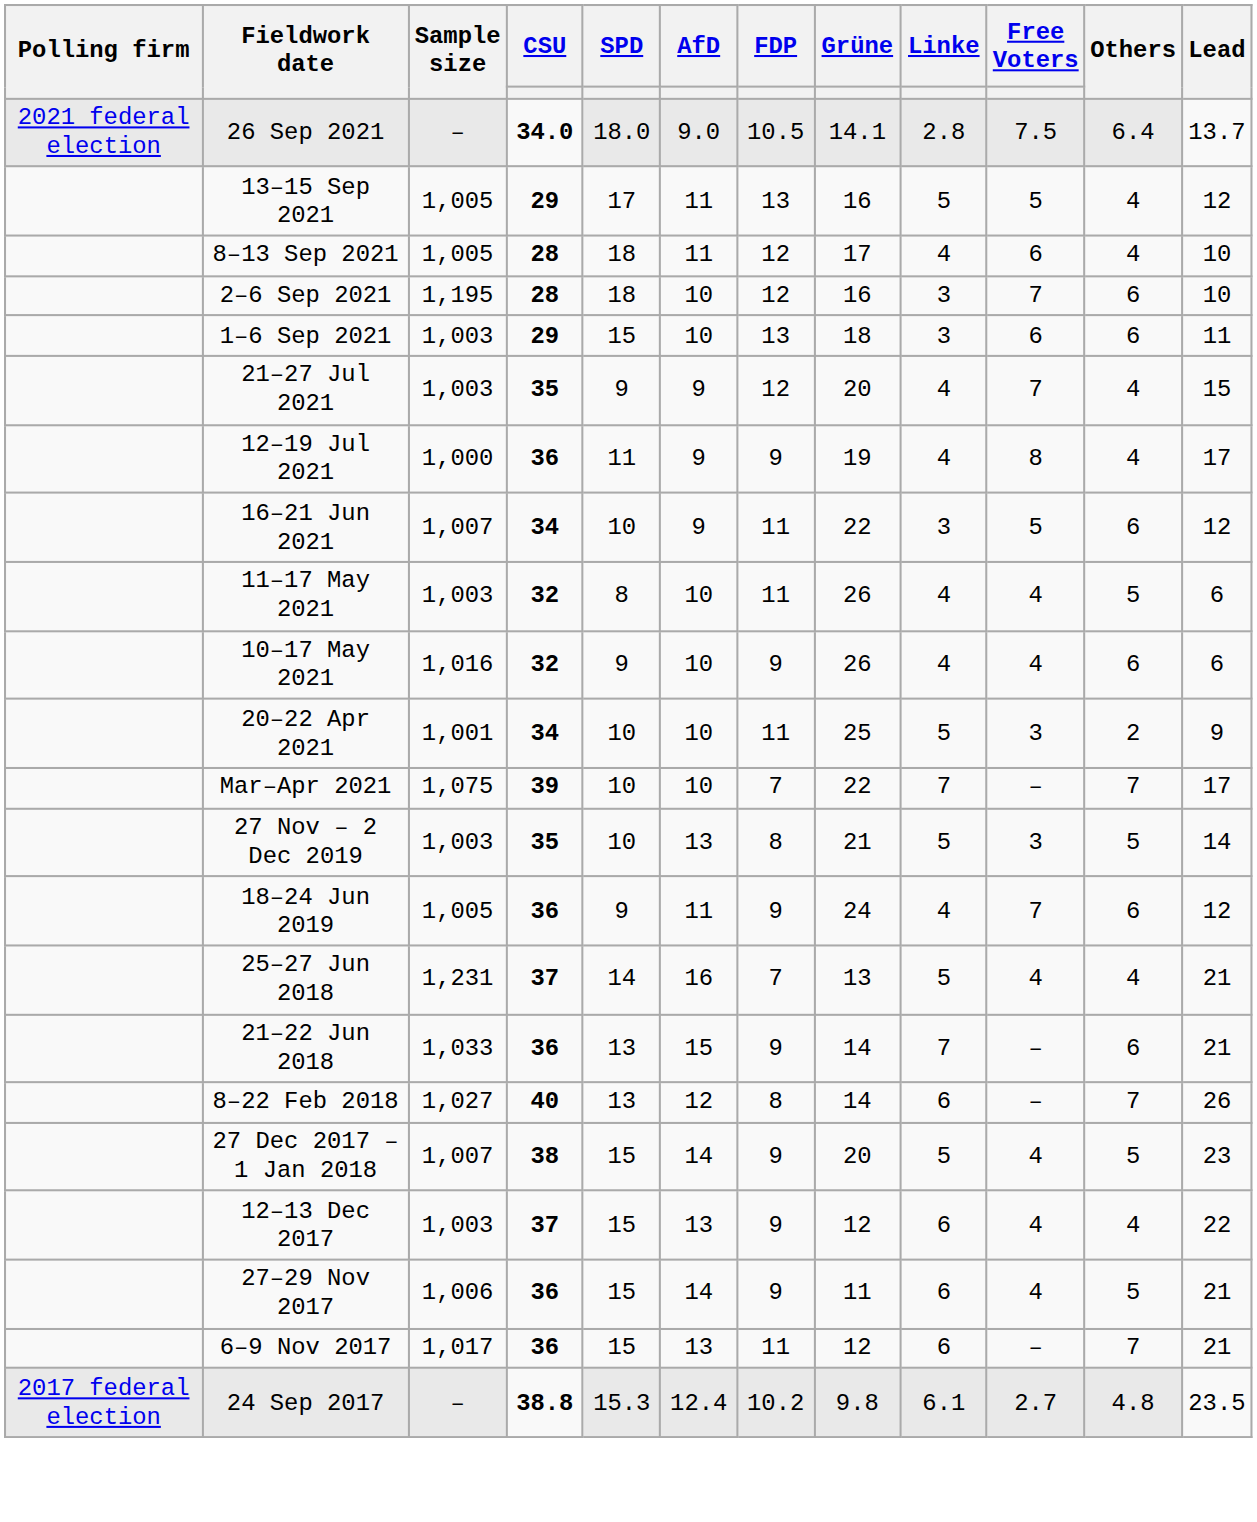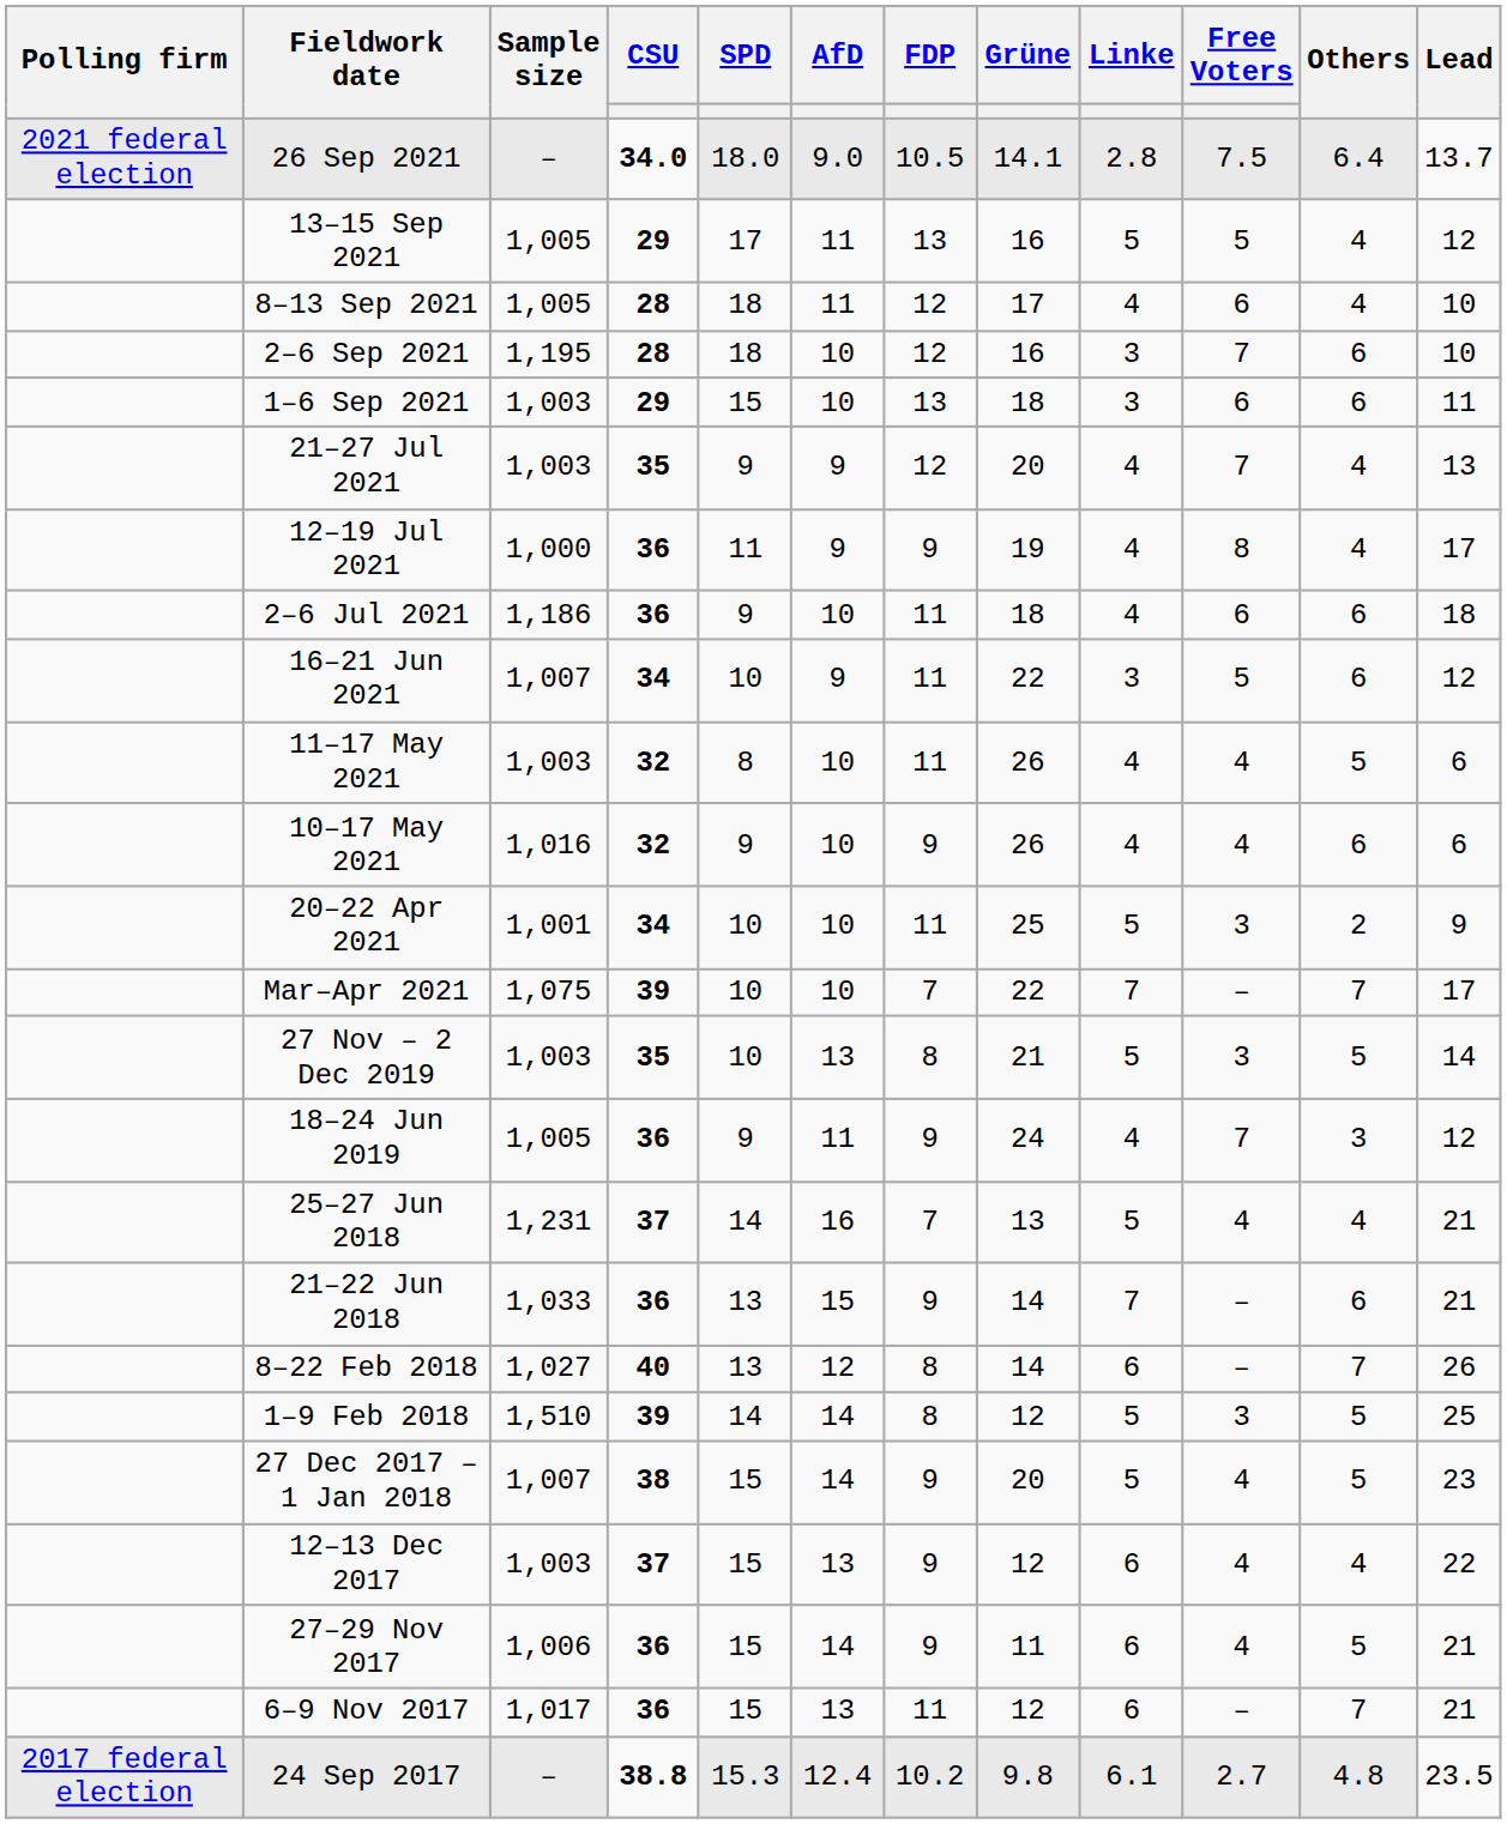 <table class="wikitable sortable mw-datatable" style="text-align:center;font-size:90%;line-height:14px;">
 <tr style="height:40px;">
 <th style="width:160px;" rowspan="2">Polling firm</th>
 <th style="width:160px;" rowspan="2">Fieldwork date</th>
 <th style="width:35px;" rowspan="2">Sample<br>size</th>
 <th class="unsortable" style="width:40px;"><a href='#'>CSU</a></th>
 <th class="unsortable" style="width:40px;"><a href='#'>SPD</a></th>
 <th class="unsortable" style="width:40px;"><a href='#'>AfD</a></th>
 <th class="unsortable" style="width:40px;"><a href='#'>FDP</a></th>
 <th class="unsortable" style="width:40px;"><a href='#'>Grüne</a></th>
 <th class="unsortable" style="width:40px;"><a href='#'>Linke</a></th>
 <th class="unsortable" style="width:40px;"><a href='#'>Free Voters</a></th>
 <th class="unsortable" style="width:30px;" rowspan="2">Others</th>
 <th style="width:30px;" rowspan="2">Lead</th>
 </tr>
 <tr>
 <th style="background:"></th>
 <th style="background:"></th>
 <th style="background:"></th>
 <th style="background:"></th>
 <th style="background:"></th>
 <th style="background:"></th>
 <th style="background:"></th>
 </tr>
 <tr>
 <td style="background:#E9E9E9;"><a href='#'>2021 federal election</a></td>
 <td style="background:#E9E9E9;" data-sort-value="2021-09-26">26 Sep 2021</td>
 <td style="background:#E9E9E9;">–</td>
 <td><strong>34.0</strong></td>
 <td style="background:#E9E9E9;">18.0</td>
 <td style="background:#E9E9E9;">9.0</td>
 <td style="background:#E9E9E9;">10.5</td>
 <td style="background:#E9E9E9;">14.1</td>
 <td style="background:#E9E9E9;">2.8</td>
 <td style="background:#E9E9E9;">7.5</td>
 <td style="background:#E9E9E9;">6.4</td>
 <td style="background:">13.7</td>
 </tr>
 <tr>
 <td></td>
 <td data-sort-value="2021-09-16">13–15 Sep 2021</td>
 <td>1,005</td>
 <td><strong>29</strong></td>
 <td>17</td>
 <td>11</td>
 <td>13</td>
 <td>16</td>
 <td>5</td>
 <td>5</td>
 <td>4</td>
 <td style="background:">12</td>
 </tr>
 <tr>
 <td></td>
 <td data-sort-value="2021-09-14">8–13 Sep 2021</td>
 <td>1,005</td>
 <td><strong>28</strong></td>
 <td>18</td>
 <td>11</td>
 <td>12</td>
 <td>17</td>
 <td>4</td>
 <td>6</td>
 <td>4</td>
 <td style="background:">10</td>
 </tr>
 <tr>
 <td></td>
 <td data-sort-value="2021-09-08">2–6 Sep 2021</td>
 <td>1,195</td>
 <td><strong>28</strong></td>
 <td>18</td>
 <td>10</td>
 <td>12</td>
 <td>16</td>
 <td>3</td>
 <td>7</td>
 <td>6</td>
 <td style="background:">10</td>
 </tr>
 <tr>
 <td></td>
 <td data-sort-value="2021-09-07">1–6 Sep 2021</td>
 <td>1,003</td>
 <td><strong>29</strong></td>
 <td>15</td>
 <td>10</td>
 <td>13</td>
 <td>18</td>
 <td>3</td>
 <td>6</td>
 <td>6</td>
 <td style="background:">11</td>
 </tr>
 <tr>
 <td></td>
 <td data-sort-value="2021-07-28">21–27 Jul 2021</td>
 <td>1,003</td>
 <td><strong>35</strong></td>
 <td>9</td>
 <td>9</td>
 <td>12</td>
 <td>20</td>
 <td>4</td>
 <td>7</td>
 <td>4</td>
-<td style="background:">15</td>
+<td style="background:">13</td>
 </tr>
 <tr>
 <td></td>
 <td data-sort-value="2018-07-21">12–19 Jul 2021</td>
 <td>1,000</td>
 <td><strong>36</strong></td>
 <td>11</td>
 <td>9</td>
 <td>9</td>
 <td>19</td>
 <td>4</td>
 <td>8</td>
 <td>4</td>
 <td style="background:">17</td>
+</tr>
+<tr>
+<td></td>
+<td data-sort-value="2021-07-08">2–6 Jul 2021</td>
+<td>1,186</td>
+<td><strong>36</strong></td>
+<td>9</td>
+<td>10</td>
+<td>11</td>
+<td>18</td>
+<td>4</td>
+<td>6</td>
+<td>6</td>
+<td style="background:">18</td>
 </tr>
 <tr>
 <td></td>
 <td data-sort-value="2021-06-22">16–21 Jun 2021</td>
 <td>1,007</td>
 <td><strong>34</strong></td>
 <td>10</td>
 <td>9</td>
 <td>11</td>
 <td>22</td>
 <td>3</td>
 <td>5</td>
 <td>6</td>
 <td style="background:">12</td>
 </tr>
 <tr>
 <td></td>
 <td data-sort-value="2021-05-18">11–17 May 2021</td>
 <td>1,003</td>
 <td><strong>32</strong></td>
 <td>8</td>
 <td>10</td>
 <td>11</td>
 <td>26</td>
 <td>4</td>
 <td>4</td>
 <td>5</td>
 <td style="background:">6</td>
 </tr>
 <tr>
 <td></td>
 <td data-sort-value="2021-05-19">10–17 May 2021</td>
 <td>1,016</td>
 <td><strong>32</strong></td>
 <td>9</td>
 <td>10</td>
 <td>9</td>
 <td>26</td>
 <td>4</td>
 <td>4</td>
 <td>6</td>
 <td style="background:">6</td>
 </tr>
 <tr>
 <td></td>
 <td data-sort-value="2021-04-22">20–22 Apr 2021</td>
 <td>1,001</td>
 <td><strong>34</strong></td>
 <td>10</td>
 <td>10</td>
 <td>11</td>
 <td>25</td>
 <td>5</td>
 <td>3</td>
 <td>2</td>
 <td style="background:">9</td>
 </tr>
 <tr>
 <td></td>
 <td data-sort-value="2021-04-14">Mar–Apr 2021</td>
 <td>1,075</td>
 <td><strong>39</strong></td>
 <td>10</td>
 <td>10</td>
 <td>7</td>
 <td>22</td>
 <td>7</td>
 <td>–</td>
 <td>7</td>
 <td style="background:">17</td>
 </tr>
 <tr>
 <td></td>
 <td data-sort-value="2019-12-02">27 Nov – 2 Dec 2019</td>
 <td>1,003</td>
 <td><strong>35</strong></td>
 <td>10</td>
 <td>13</td>
 <td>8</td>
 <td>21</td>
 <td>5</td>
 <td>3</td>
 <td>5</td>
 <td style="background:">14</td>
 </tr>
 <tr>
 <td></td>
 <td data-sort-value="2019-06-24">18–24 Jun 2019</td>
 <td>1,005</td>
 <td><strong>36</strong></td>
 <td>9</td>
 <td>11</td>
 <td>9</td>
 <td>24</td>
 <td>4</td>
 <td>7</td>
-<td>6</td>
+<td>3</td>
 <td style="background:">12</td>
 </tr>
 <tr>
 <td></td>
 <td data-sort-value="2018-06-27">25–27 Jun 2018</td>
 <td>1,231</td>
 <td><strong>37</strong></td>
 <td>14</td>
 <td>16</td>
 <td>7</td>
 <td>13</td>
 <td>5</td>
 <td>4</td>
 <td>4</td>
 <td style="background:">21</td>
 </tr>
 <tr>
 <td></td>
 <td data-sort-value="2018-06-22">21–22 Jun 2018</td>
 <td>1,033</td>
 <td><strong>36</strong></td>
 <td>13</td>
 <td>15</td>
 <td>9</td>
 <td>14</td>
 <td>7</td>
 <td>–</td>
 <td>6</td>
 <td style="background:">21</td>
 </tr>
 <tr>
 <td></td>
 <td data-sort-value="2018-02-22">8–22 Feb 2018</td>
 <td>1,027</td>
 <td><strong>40</strong></td>
 <td>13</td>
 <td>12</td>
 <td>8</td>
 <td>14</td>
 <td>6</td>
 <td>–</td>
 <td>7</td>
 <td style="background:">26</td>
+</tr>
+<tr>
+<td></td>
+<td data-sort-value="2018-02-09">1–9 Feb 2018</td>
+<td>1,510</td>
+<td><strong>39</strong></td>
+<td>14</td>
+<td>14</td>
+<td>8</td>
+<td>12</td>
+<td>5</td>
+<td>3</td>
+<td>5</td>
+<td style="background:">25</td>
 </tr>
 <tr>
 <td></td>
 <td data-sort-value="2018-01-01">27 Dec 2017 – 1 Jan 2018</td>
 <td>1,007</td>
 <td><strong>38</strong></td>
 <td>15</td>
 <td>14</td>
 <td>9</td>
 <td>20</td>
 <td>5</td>
 <td>4</td>
 <td>5</td>
 <td style="background:">23</td>
 </tr>
 <tr>
 <td></td>
 <td data-sort-value="2017-12-13">12–13 Dec 2017</td>
 <td>1,003</td>
 <td><strong>37</strong></td>
 <td>15</td>
 <td>13</td>
 <td>9</td>
 <td>12</td>
 <td>6</td>
 <td>4</td>
 <td>4</td>
 <td style="background:">22</td>
 </tr>
 <tr>
 <td></td>
 <td data-sort-value="2017-11-29">27–29 Nov 2017</td>
 <td>1,006</td>
 <td><strong>36</strong></td>
 <td>15</td>
 <td>14</td>
 <td>9</td>
 <td>11</td>
 <td>6</td>
 <td>4</td>
 <td>5</td>
 <td style="background:">21</td>
 </tr>
 <tr>
 <td></td>
 <td data-sort-value="2017-11-09">6–9 Nov 2017</td>
 <td>1,017</td>
 <td><strong>36</strong></td>
 <td>15</td>
 <td>13</td>
 <td>11</td>
 <td>12</td>
 <td>6</td>
 <td>–</td>
 <td>7</td>
 <td style="background:">21</td>
 </tr>
 <tr>
 <td style="background:#E9E9E9;"><a href='#'>2017 federal election</a></td>
 <td style="background:#E9E9E9;" data-sort-value="2017-09-24">24 Sep 2017</td>
 <td style="background:#E9E9E9;">–</td>
 <td><strong>38.8</strong></td>
 <td style="background:#E9E9E9;">15.3</td>
 <td style="background:#E9E9E9;">12.4</td>
 <td style="background:#E9E9E9;">10.2</td>
 <td style="background:#E9E9E9;">9.8</td>
 <td style="background:#E9E9E9;">6.1</td>
 <td style="background:#E9E9E9;">2.7</td>
 <td style="background:#E9E9E9;">4.8</td>
 <td style="background:">23.5</td>
 </tr>
 </table>
